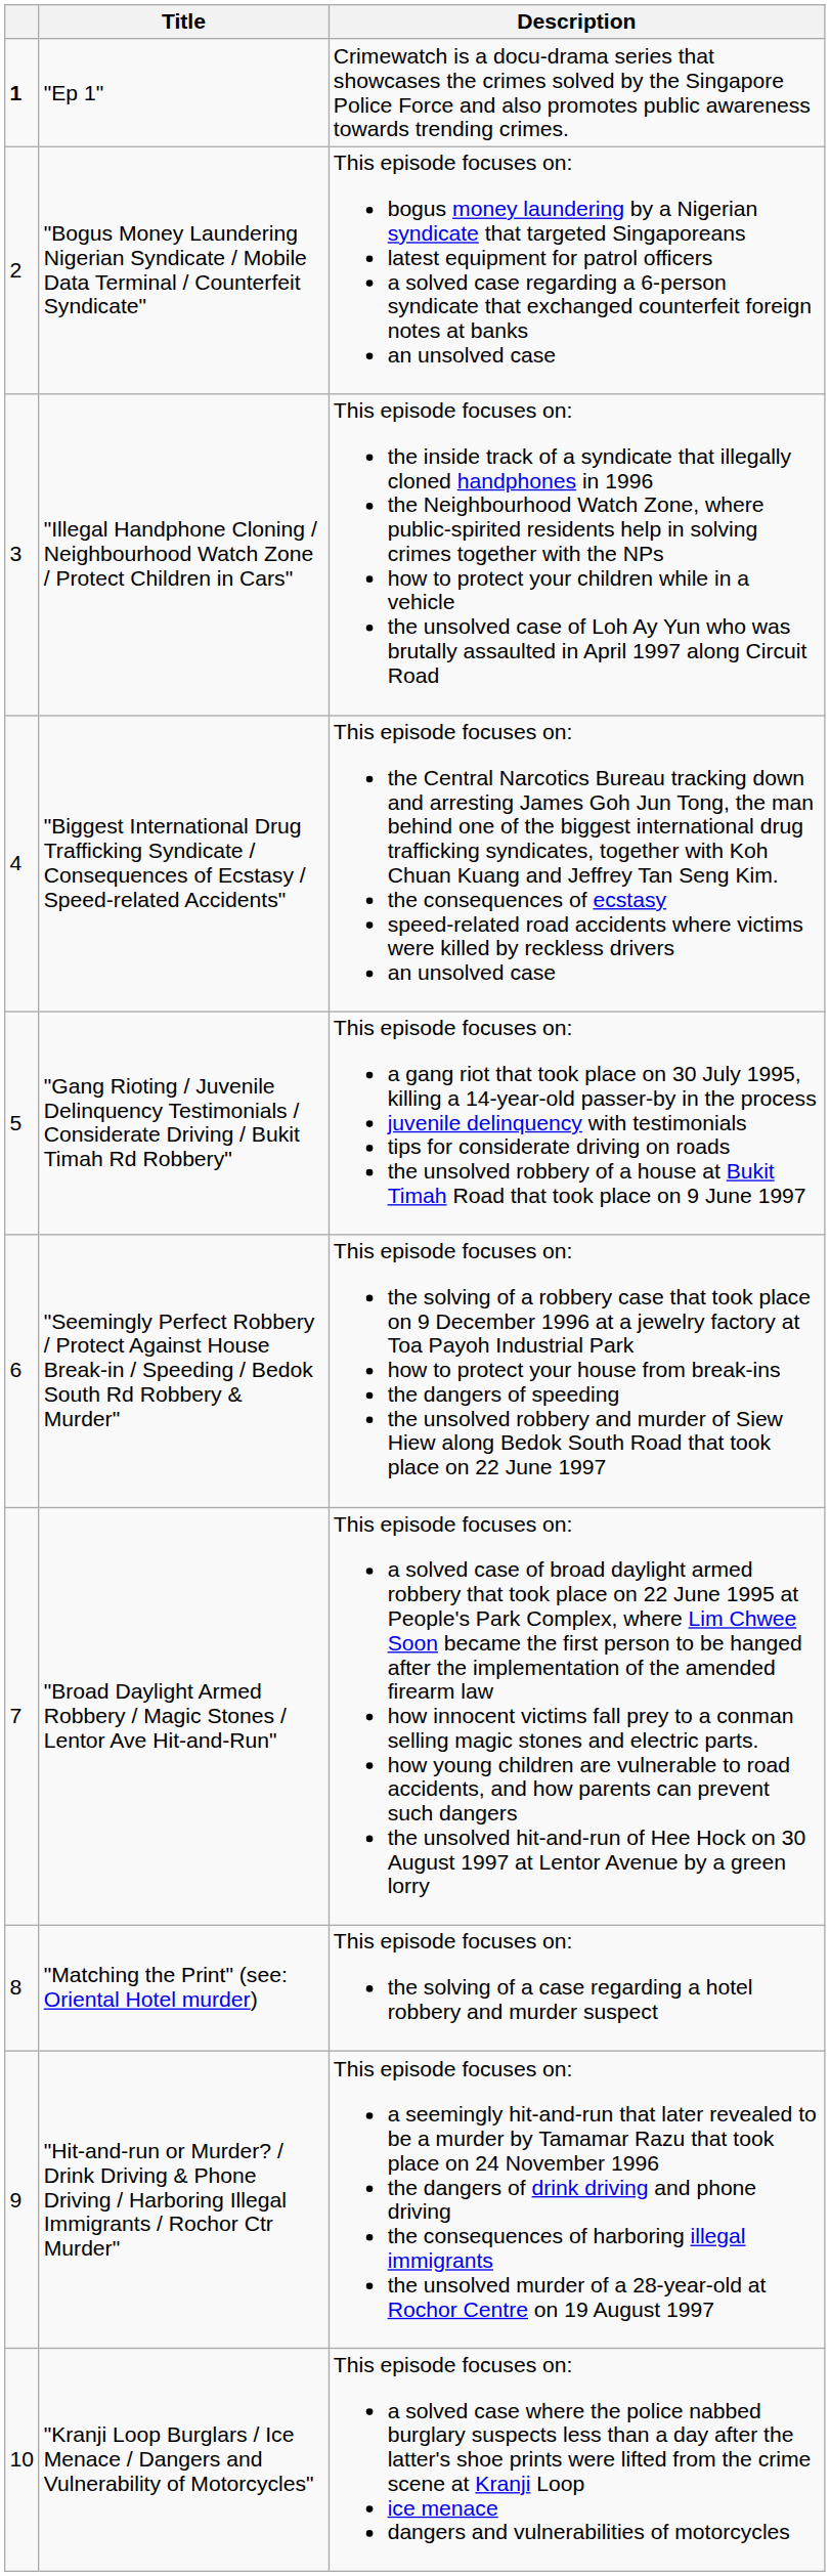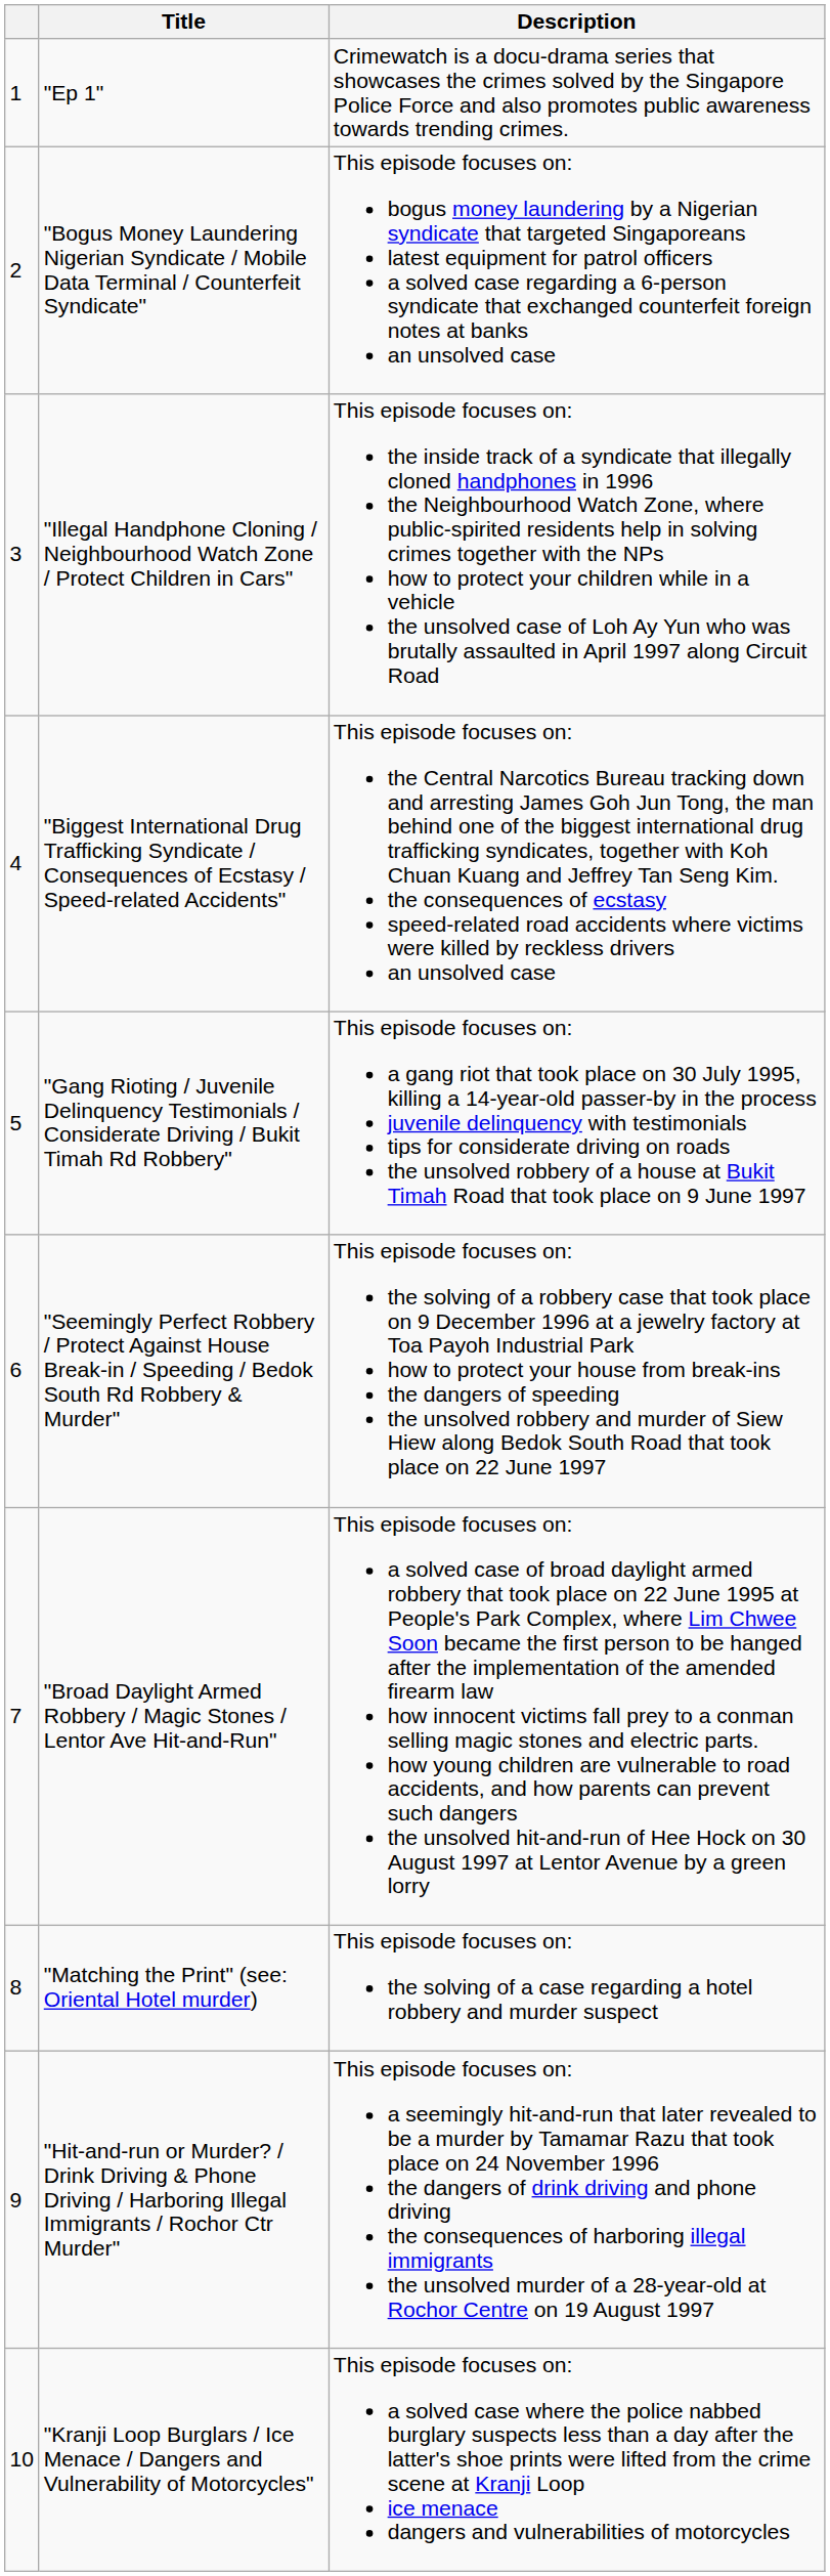 <table class="wikitable">
 <tr>
 <th></th>
 <th>Title</th>
 <th>Description</th>
 </tr>
 <tr>
-<td><strong>1</strong></td>
+<td>1</td>
 <td>"Ep 1"</td>
 <td>Crimewatch is a docu-drama series that showcases the crimes solved by the Singapore Police Force and also promotes public awareness towards trending crimes.</td>
 </tr>
 <tr>
 <td>2</td>
 <td>"Bogus Money Laundering Nigerian Syndicate / Mobile Data Terminal / Counterfeit Syndicate"</td>
 <td>This episode focuses on:<br><ul><li>bogus <a href='#'>money laundering</a> by a Nigerian <a href='#'>syndicate</a> that targeted Singaporeans</li><li>latest equipment for patrol officers</li><li>a solved case regarding a 6-person syndicate that exchanged counterfeit foreign notes at banks</li><li>an unsolved case</li></ul></td>
 </tr>
 <tr>
 <td>3</td>
 <td>"Illegal Handphone Cloning / Neighbourhood Watch Zone / Protect Children in Cars"</td>
 <td>This episode focuses on:<br><ul><li>the inside track of a syndicate that illegally cloned <a href='#'>handphones</a> in 1996</li><li>the Neighbourhood Watch Zone, where public-spirited residents help in solving crimes together with the NPs</li><li>how to protect your children while in a vehicle</li><li>the unsolved case of Loh Ay Yun who was brutally assaulted in April 1997 along Circuit Road</li></ul></td>
 </tr>
 <tr>
 <td>4</td>
 <td>"Biggest International Drug Trafficking Syndicate / Consequences of Ecstasy / Speed-related Accidents"</td>
 <td>This episode focuses on:<br><ul><li>the Central Narcotics Bureau tracking down and arresting James Goh Jun Tong, the man behind one of the biggest international drug trafficking syndicates, together with Koh Chuan Kuang and Jeffrey Tan Seng Kim.</li><li>the consequences of <a href='#'>ecstasy</a></li><li>speed-related road accidents where victims were killed by reckless drivers</li><li>an unsolved case</li></ul></td>
 </tr>
 <tr>
 <td>5</td>
 <td>"Gang Rioting / Juvenile Delinquency Testimonials / Considerate Driving / Bukit Timah Rd Robbery"</td>
 <td>This episode focuses on:<br><ul><li>a gang riot that took place on 30 July 1995, killing a 14-year-old passer-by in the process</li><li><a href='#'>juvenile delinquency</a> with testimonials</li><li>tips for considerate driving on roads</li><li>the unsolved robbery of a house at <a href='#'>Bukit Timah</a> Road that took place on 9 June 1997</li></ul></td>
 </tr>
 <tr>
 <td>6</td>
 <td>"Seemingly Perfect Robbery / Protect Against House Break-in / Speeding / Bedok South Rd Robbery & Murder"</td>
 <td>This episode focuses on:<br><ul><li>the solving of a robbery case that took place on 9 December 1996 at a jewelry factory at Toa Payoh Industrial Park</li><li>how to protect your house from break-ins</li><li>the dangers of speeding</li><li>the unsolved robbery and murder of Siew Hiew along Bedok South Road that took place on 22 June 1997</li></ul></td>
 </tr>
 <tr>
 <td>7</td>
 <td>"Broad Daylight Armed Robbery / Magic Stones / Lentor Ave Hit-and-Run"</td>
 <td>This episode focuses on:<br><ul><li>a solved case of broad daylight armed robbery that took place on 22 June 1995 at People's Park Complex, where <a href='#'>Lim Chwee Soon</a> became the first person to be hanged after the implementation of the amended firearm law</li><li>how innocent victims fall prey to a conman selling magic stones and electric parts.</li><li>how young children are vulnerable to road accidents, and how parents can prevent such dangers</li><li>the unsolved hit-and-run of Hee Hock on 30 August 1997 at Lentor Avenue by a green lorry</li></ul></td>
 </tr>
 <tr>
 <td>8</td>
 <td>"Matching the Print" (see: <a href='#'>Oriental Hotel murder</a>)</td>
 <td>This episode focuses on:<br><ul><li>the solving of a case regarding a hotel robbery and murder suspect</li></ul></td>
 </tr>
 <tr>
 <td>9</td>
 <td>"Hit-and-run or Murder? / Drink Driving & Phone Driving / Harboring Illegal Immigrants / Rochor Ctr Murder"</td>
 <td>This episode focuses on:<br><ul><li>a seemingly hit-and-run that later revealed to be a murder by Tamamar Razu that took place on 24 November 1996</li><li>the dangers of <a href='#'>drink driving</a> and phone driving</li><li>the consequences of harboring <a href='#'>illegal immigrants</a></li><li>the unsolved murder of a 28-year-old at <a href='#'>Rochor Centre</a> on 19 August 1997</li></ul></td>
 </tr>
 <tr>
 <td>10</td>
 <td>"Kranji Loop Burglars / Ice Menace / Dangers and Vulnerability of Motorcycles"</td>
 <td>This episode focuses on:<br><ul><li>a solved case where the police nabbed burglary suspects less than a day after the latter's shoe prints were lifted from the crime scene at <a href='#'>Kranji</a> Loop</li><li><a href='#'>ice menace</a></li><li>dangers and vulnerabilities of motorcycles</li></ul></td>
 </tr>
 </table>
